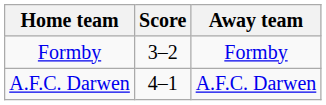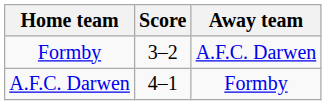 <table class="wikitable" style="text-align: center">
 <tr>
 <th>Home team</th>
 <th>Score</th>
 <th>Away team</th>
 </tr>
 <tr>
 <td><a href='#'>Formby</a></td>
 <td>3–2</td>
-<td><a href='#'>Formby</a></td>
+<td><a href='#'>A.F.C. Darwen</a></td>
 </tr>
 <tr>
 <td><a href='#'>A.F.C. Darwen</a></td>
 <td>4–1</td>
-<td><a href='#'>A.F.C. Darwen</a></td>
+<td><a href='#'>Formby</a></td>
 </tr>
 </table>
